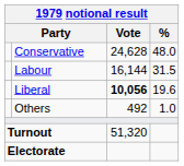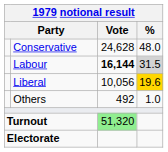 <table class="wikitable">
 <tr>
 <th colspan="4"><a href='#'>1979</a> <a href='#'>notional result</a></th>
 </tr>
 <tr>
 <th bgcolor="#DDDDFF" width="130px" colspan="2">Party</th>
 <th bgcolor="#DDDDFF" width="50px">Vote</th>
 <th bgcolor="#DDDDFF" width="30px">%</th>
 </tr>
 <tr>
 <td></td>
 <td><a href='#'>Conservative</a></td>
 <td align=right>24,628</td>
 <td align=right>48.0</td>
 </tr>
 <tr>
 <td></td>
 <td><a href='#'>Labour</a></td>
-<td align=right>16,144</td>
-<td align=right>31.5</td>
+<td align=right><strong>16,144</strong></td>
+<td align=right style="background: lightgrey;">31.5</td>
 </tr>
 <tr>
 <td></td>
 <td><a href='#'>Liberal</a></td>
-<td align=right><strong>10,056</strong></td>
-<td align=right>19.6</td>
+<td align=right>10,056</td>
+<td align=right style="background: gold;">19.6</td>
 </tr>
 <tr>
 <td></td>
 <td>Others</td>
 <td align=right>492</td>
 <td align=right>1.0</td>
 </tr>
 <tr>
 <td colspan="4" bgcolor="#EAECF0"></td>
 </tr>
 <tr>
 <td colspan="2"><strong>Turnout</strong></td>
-<td align=right>51,320</td>
+<td align=right style="background: lightgreen;">51,320</td>
 <td align=right></td>
 </tr>
 <tr>
 <td colspan="2"><strong>Electorate</strong></td>
 <td align=right></td>
 </tr>
 </table>
